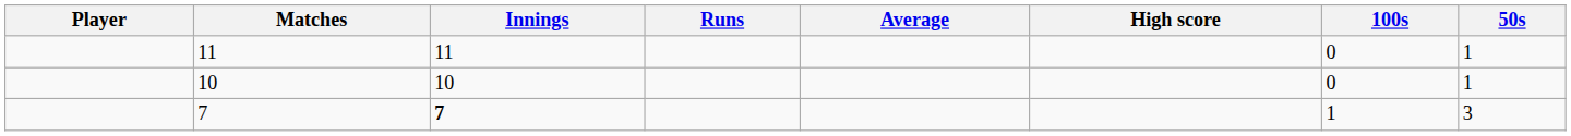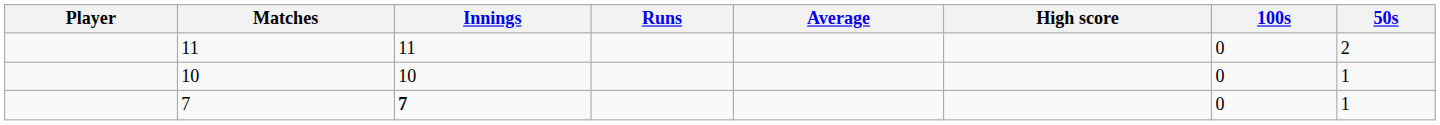 <table class="wikitable sortable" style="width:80%;">
 <tr>
 <th>Player</th>
 <th>Matches</th>
 <th><a href='#'>Innings</a></th>
 <th><a href='#'>Runs</a></th>
 <th><a href='#'>Average</a></th>
 <th>High score</th>
 <th><a href='#'>100s</a></th>
 <th><a href='#'>50s</a></th>
 </tr>
 <tr>
 <td></td>
 <td>11</td>
 <td>11</td>
 <td></td>
 <td></td>
 <td></td>
 <td>0</td>
-<td>1</td>
+<td>2</td>
 </tr>
 <tr>
 <td></td>
 <td>10</td>
 <td>10</td>
 <td></td>
 <td></td>
 <td></td>
 <td>0</td>
 <td>1</td>
 </tr>
 <tr>
 <td></td>
 <td>7</td>
 <td><strong>7</strong></td>
 <td></td>
 <td></td>
 <td></td>
+<td>0</td>
 <td>1</td>
-<td>3</td>
 </tr>
 </table>
